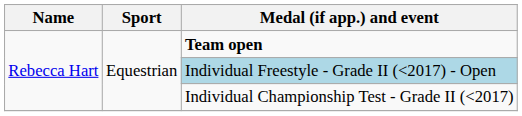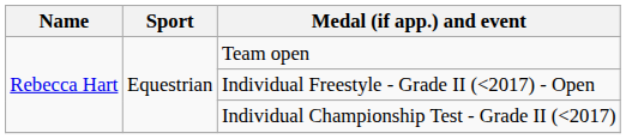 <table class="wikitable">
 <tr>
 <th>Name</th>
 <th>Sport</th>
 <th>Medal (if app.) and event</th>
 </tr>
 <tr>
 <td rowspan=3> <a href='#'>Rebecca Hart</a></td>
 <td rowspan=3>Equestrian</td>
-<td><strong>Team open</strong></td>
+<td>Team open</td>
 </tr>
 <tr>
-<td style="background: lightblue;">Individual Freestyle - Grade II (<2017) - Open</td>
+<td>Individual Freestyle - Grade II (<2017) - Open</td>
 </tr>
 <tr>
 <td>Individual Championship Test - Grade II (<2017)</td>
 </tr>
 <tr>
 </tr>
 </table>
